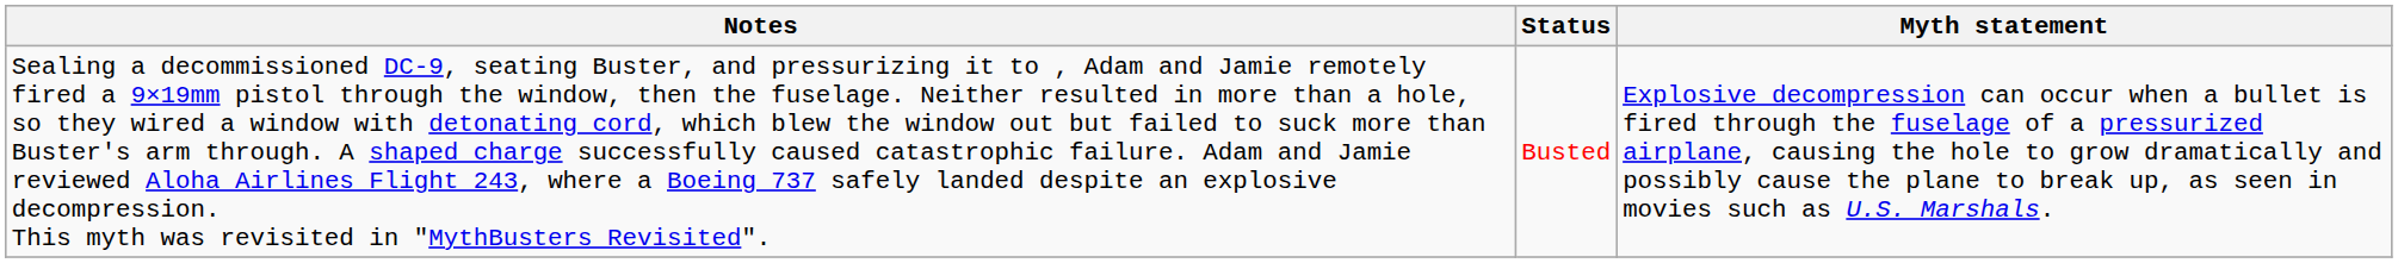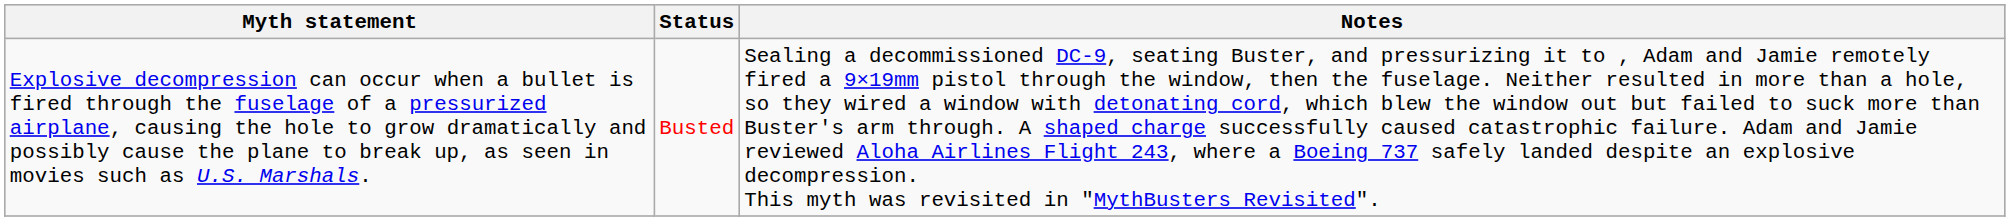 <table class="wikitable plainrowheaders">
 <tr>
+<th>Myth statement</th>
+<th>Status</th>
 <th>Notes</th>
-<th>Status</th>
-<th>Myth statement</th>
 </tr>
 <tr>
+<td><a href='#'>Explosive decompression</a> can occur when a bullet is fired through the <a href='#'>fuselage</a> of a <a href='#'>pressurized</a> <a href='#'>airplane</a>, causing the hole to grow dramatically and possibly cause the plane to break up, as seen in movies such as <em><a href='#'>U.S. Marshals</a></em>.</td>
+<td style="color:red">Busted</td>
 <td>Sealing a decommissioned <a href='#'>DC-9</a>, seating Buster, and pressurizing it to , Adam and Jamie remotely fired a <a href='#'>9×19mm</a> pistol through the window, then the fuselage. Neither resulted in more than a  hole, so they wired a window with <a href='#'>detonating cord</a>, which blew the window out but failed to suck more than Buster's arm through. A  <a href='#'>shaped charge</a> successfully caused catastrophic failure. Adam and Jamie reviewed <a href='#'>Aloha Airlines Flight 243</a>, where a <a href='#'>Boeing 737</a> safely landed despite an explosive decompression.<br>This myth was revisited in "<a href='#'>MythBusters Revisited</a>".</td>
-<td style="color:red">Busted</td>
-<td><a href='#'>Explosive decompression</a> can occur when a bullet is fired through the <a href='#'>fuselage</a> of a <a href='#'>pressurized</a> <a href='#'>airplane</a>, causing the hole to grow dramatically and possibly cause the plane to break up, as seen in movies such as <em><a href='#'>U.S. Marshals</a></em>.</td>
 </tr>
 </table>
